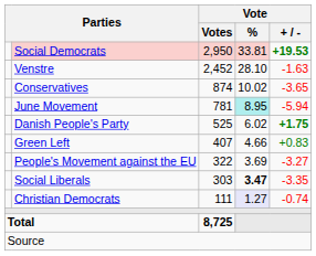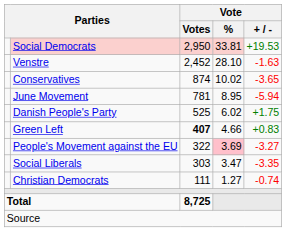 <table class="wikitable" style="text-align:right;">
 <tr>
 <th style="text-align:centre;" rowspan="2" colspan="2" width="225">Parties</th>
 <th colspan="3">Vote</th>
 </tr>
 <tr>
 <th width="15">Votes</th>
 <th width="15">%</th>
 <th width="15">+ / -</th>
 </tr>
 <tr>
 <td width="2" style="color:inherit;background:"></td>
 <td bgcolor=#fbd0ce   align="left"><a href='#'>Social Democrats</a></td>
 <td bgcolor=#fbd0ce>2,950</td>
 <td bgcolor=#fbd0ce>33.81</td>
-<td style=color:green;><strong>+19.53</strong></td>
+<td style=color:green;>+19.53</td>
 </tr>
 <tr>
 <td width="2" style="color:inherit;background:"></td>
 <td align="left"><a href='#'>Venstre</a></td>
 <td>2,452</td>
 <td>28.10</td>
 <td style=color:red;>-1.63</td>
 </tr>
 <tr>
 <td width="2" style="color:inherit;background:"></td>
 <td align="left"><a href='#'>Conservatives</a></td>
 <td>874</td>
 <td>10.02</td>
 <td style=color:red;>-3.65</td>
 </tr>
 <tr>
 <td width="2" style="color:inherit;background:"></td>
 <td align="left"><a href='#'>June Movement</a></td>
 <td>781</td>
-<td style="background: paleturquoise;">8.95</td>
+<td>8.95</td>
 <td style=color:red;>-5.94</td>
 </tr>
 <tr>
 <td width="2" style="color:inherit;background:"></td>
 <td align="left"><a href='#'>Danish People's Party</a></td>
 <td>525</td>
 <td>6.02</td>
-<td style=color:green;><strong>+1.75</strong></td>
+<td style=color:green;>+1.75</td>
 </tr>
 <tr>
 <td width="2" style="color:inherit;background:"></td>
 <td align="left"><a href='#'>Green Left</a></td>
-<td>407</td>
+<td><strong>407</strong></td>
 <td>4.66</td>
 <td style=color:green;>+0.83</td>
 </tr>
 <tr>
 <td width="2" style="color:inherit;background:"></td>
 <td align="left"><a href='#'>People's Movement against the EU</a></td>
 <td>322</td>
-<td>3.69</td>
+<td style="background: pink;">3.69</td>
 <td style=color:red;>-3.27</td>
 </tr>
 <tr>
 <td width="2" style="color:inherit;background:"></td>
 <td align="left"><a href='#'>Social Liberals</a></td>
 <td>303</td>
-<td><strong>3.47</strong></td>
+<td>3.47</td>
 <td style=color:red;>-3.35</td>
 </tr>
 <tr>
 <td width="2" style="color:inherit;background:"></td>
 <td align="left"><a href='#'>Christian Democrats</a></td>
 <td>111</td>
-<td style="background: lavender;">1.27</td>
+<td>1.27</td>
 <td style=color:red;>-0.74</td>
 </tr>
 <tr>
 <td colspan="7" bgcolor="#E9E9E9"></td>
 </tr>
 <tr>
 <td align="left" colspan="2"><strong>Total</strong></td>
 <td><strong>8,725</strong></td>
 <td bgcolor="#E9E9E9" colspan="2"></td>
 </tr>
 <tr>
 <td align="left" colspan="6">Source</td>
 </tr>
 </table>
